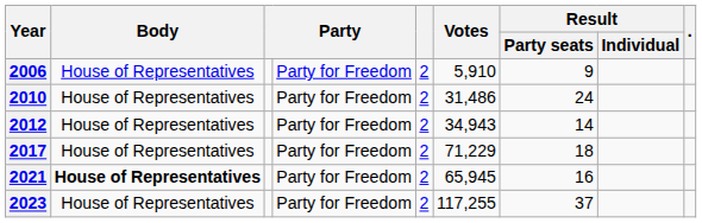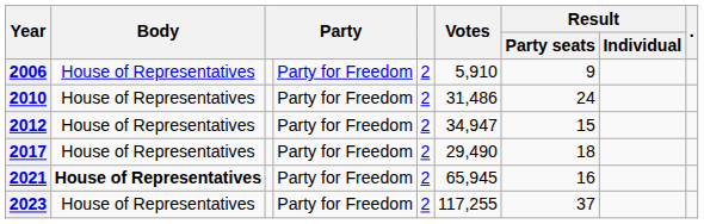 <table class="wikitable plainrowheaders sortable" border=2 cellpadding=4 cellspacing=0 style="border: 1px #aaa solid; font-size: 90%; text-align:center;">
 <tr>
 <th scope="col" rowspan=2>Year</th>
 <th scope="col" rowspan=2>Body</th>
 <th scope="col" colspan=2 rowspan=2>Party</th>
 <th scope="col" rowspan=2></th>
 <th scope="col" rowspan=2>Votes</th>
 <th scope="colgroup" colspan=2>Result</th>
 <th scope="col" rowspan=2 class="unsortable">.</th>
 </tr>
 <tr>
 <th scope="col">Party seats</th>
 <th scope="col">Individual</th>
 </tr>
 <tr>
 <th scope="row"><a href='#'>2006</a></th>
 <td><a href='#'>House of Representatives</a></td>
 <td style="background-color:"></td>
 <td><a href='#'>Party for Freedom</a></td>
 <td style=text-align:right><a href='#'>2</a></td>
 <td style=text-align:right>5,910</td>
 <td style=text-align:right>9</td>
 <td></td>
 <td></td>
 </tr>
 <tr>
 <th scope="row"><a href='#'>2010</a></th>
 <td>House of Representatives</td>
 <td style="background-color:"></td>
 <td>Party for Freedom</td>
 <td style=text-align:right><a href='#'>2</a></td>
 <td style=text-align:right>31,486</td>
 <td style=text-align:right>24</td>
 <td></td>
 <td></td>
 </tr>
 <tr>
 <th scope="row"><a href='#'>2012</a></th>
 <td>House of Representatives</td>
 <td style="background-color:"></td>
 <td>Party for Freedom</td>
 <td style=text-align:right><a href='#'>2</a></td>
-<td style=text-align:right>34,943</td>
-<td style=text-align:right>14</td>
+<td style=text-align:right>34,947</td>
+<td style=text-align:right>15</td>
 <td></td>
 <td></td>
 </tr>
 <tr>
 <th scope="row"><a href='#'>2017</a></th>
 <td>House of Representatives</td>
 <td style="background-color:"></td>
 <td>Party for Freedom</td>
 <td style=text-align:right><a href='#'>2</a></td>
-<td style=text-align:right>71,229</td>
+<td style=text-align:right>29,490</td>
 <td style=text-align:right>18</td>
 <td></td>
 <td></td>
 </tr>
 <tr>
 <th scope="row"><a href='#'>2021</a></th>
 <td><strong>House of Representatives</strong></td>
 <td style="background-color:"></td>
 <td>Party for Freedom</td>
 <td style=text-align:right><a href='#'>2</a></td>
 <td style=text-align:right>65,945</td>
 <td style=text-align:right>16</td>
 <td></td>
 <td></td>
 </tr>
 <tr>
 <th scope="row"><a href='#'>2023</a></th>
 <td>House of Representatives</td>
 <td style="background-color:"></td>
 <td>Party for Freedom</td>
 <td style=text-align:right><a href='#'>2</a></td>
 <td style=text-align:right>117,255</td>
 <td style=text-align:right>37</td>
 <td></td>
 <td></td>
 </tr>
 </table>
